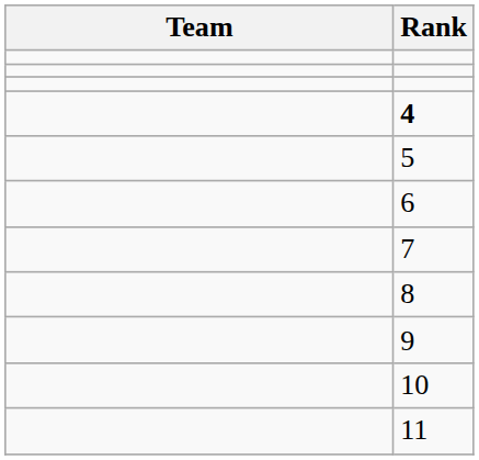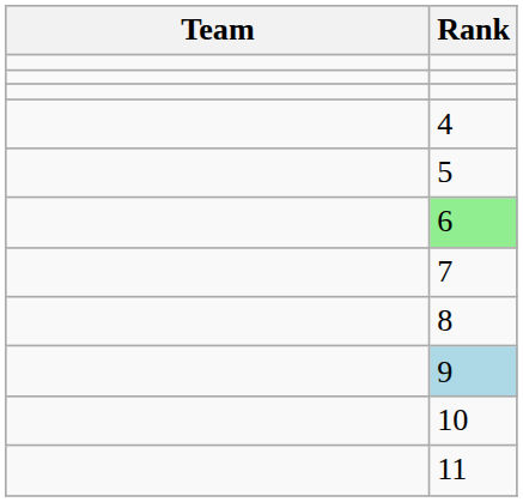 <table class="wikitable">
 <tr>
 <th width=210>Team</th>
 <th width=15>Rank</th>
 </tr>
 <tr>
 <td></td>
 <td></td>
 </tr>
 <tr>
 <td></td>
 <td></td>
 </tr>
 <tr>
 <td></td>
 <td></td>
 </tr>
 <tr>
 <td></td>
-<td><strong>4</strong></td>
+<td>4</td>
 </tr>
 <tr>
 <td></td>
 <td>5</td>
 </tr>
 <tr>
 <td></td>
-<td>6</td>
+<td style="background: lightgreen;">6</td>
 </tr>
 <tr>
 <td></td>
 <td>7</td>
 </tr>
 <tr>
 <td></td>
 <td>8</td>
 </tr>
 <tr>
 <td></td>
-<td>9</td>
+<td style="background: lightblue;">9</td>
 </tr>
 <tr>
 <td></td>
 <td>10</td>
 </tr>
 <tr>
 <td></td>
 <td>11</td>
 </tr>
 </table>
